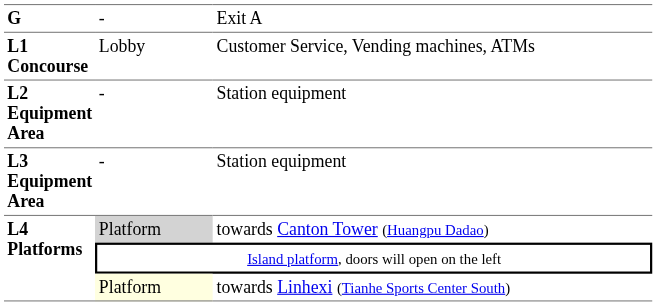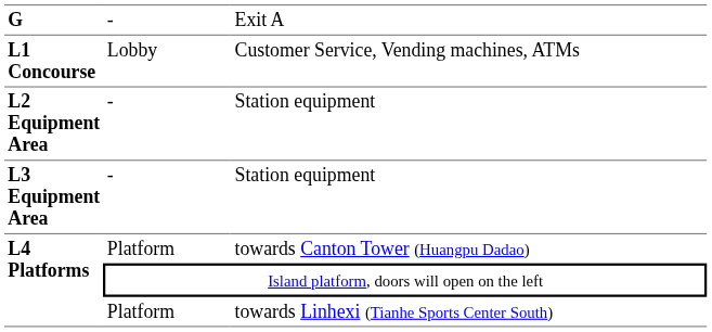 <table table border=0 cellspacing=0 cellpadding=3>
 <tr>
 <td style="border-top:solid 1px gray;" width=50 valign=top><strong>G</strong></td>
 <td style="border-top:solid 1px gray;" width=100 valign=top>-</td>
 <td style="border-top:solid 1px gray;" width=390 valign=top>Exit A</td>
 </tr>
 <tr>
 <td style="border-bottom:solid 1px gray; border-top:solid 1px gray;" valign=top width=50><strong>L1<br>Concourse</strong></td>
 <td style="border-bottom:solid 1px gray; border-top:solid 1px gray;" valign=top width=100>Lobby</td>
 <td style="border-bottom:solid 1px gray; border-top:solid 1px gray;" valign=top width=390>Customer Service, Vending machines, ATMs</td>
 </tr>
 <tr>
 <td style="border-bottom:solid 1px gray;" width=50 valign=top><strong>L2<br>Equipment Area</strong></td>
 <td style="border-bottom:solid 1px gray;" width=100 valign=top>-</td>
 <td style="border-bottom:solid 1px gray;" width=390 valign=top>Station equipment</td>
 </tr>
 <tr>
 <td style="border-bottom:solid 1px gray;" width=50 valign=top><strong>L3<br>Equipment Area</strong></td>
 <td style="border-bottom:solid 1px gray;" width=100 valign=top>-</td>
 <td style="border-bottom:solid 1px gray;" width=390 valign=top>Station equipment</td>
 </tr>
 <tr>
 <td style="border-bottom:solid 1px gray;" width=50 valign=top rowspan=3><strong>L4<br>Platforms</strong></td>
-<td style="background: lightgrey;">Platform </td>
+<td>Platform </td>
 <td>  towards <a href='#'>Canton Tower</a> <small>(<a href='#'>Huangpu Dadao</a>)</small></td>
 </tr>
 <tr>
 <td style="border-right:solid 2px black;border-left:solid 2px black;border-top:solid 2px black;border-bottom:solid 2px black;text-align:center;" colspan=2><small><a href='#'>Island platform</a>, doors will open on the left</small></td>
 </tr>
 <tr>
-<td style="background: lightyellow; border-bottom:solid 1px gray;">Platform </td>
+<td style="border-bottom:solid 1px gray;">Platform </td>
 <td style="border-bottom:solid 1px gray;"> towards <a href='#'>Linhexi</a> <small>(<a href='#'>Tianhe Sports Center South</a>)</small> </td>
 </tr>
 </table>
